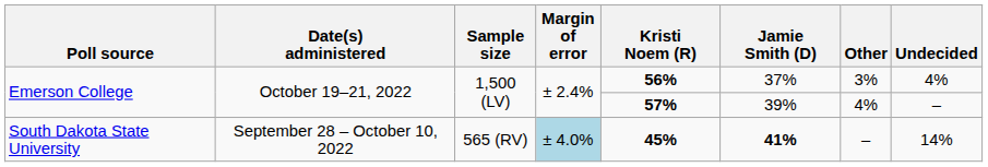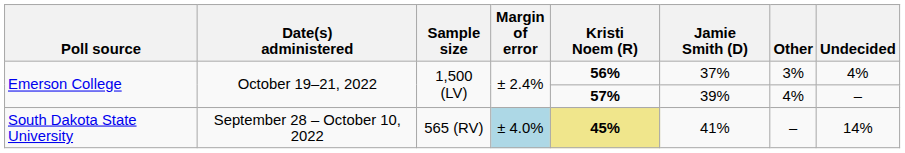 <table class="wikitable" style="font-size:90%;text-align:center;">
 <tr valign=bottom>
 <th>Poll source</th>
 <th>Date(s)<br>administered</th>
 <th>Sample<br>size</th>
 <th>Margin<br>of error</th>
 <th style="width:100px;">Kristi<br>Noem (R)</th>
 <th style="width:100px;">Jamie<br>Smith (D)</th>
 <th>Other</th>
 <th>Undecided</th>
 </tr>
 <tr>
 <td style="text-align:left;"rowspan="2"><a href='#'>Emerson College</a></td>
 <td rowspan="2">October 19–21, 2022</td>
 <td rowspan="2">1,500 (LV)</td>
 <td rowspan="2">± 2.4%</td>
 <td><strong>56%</strong></td>
 <td>37%</td>
 <td>3%</td>
 <td>4%</td>
 </tr>
 <tr>
 <td><strong>57%</strong></td>
 <td>39%</td>
 <td>4%</td>
 <td>–</td>
 </tr>
 <tr>
 <td style="text-align:left;"><a href='#'>South Dakota State University</a></td>
 <td>September 28 – October 10, 2022</td>
 <td>565 (RV)</td>
 <td style="background: lightblue;">± 4.0%</td>
-<td><strong>45%</strong></td>
-<td><strong>41%</strong></td>
+<td style="background: khaki;"><strong>45%</strong></td>
+<td>41%</td>
 <td>–</td>
 <td>14%</td>
 </tr>
 </table>
